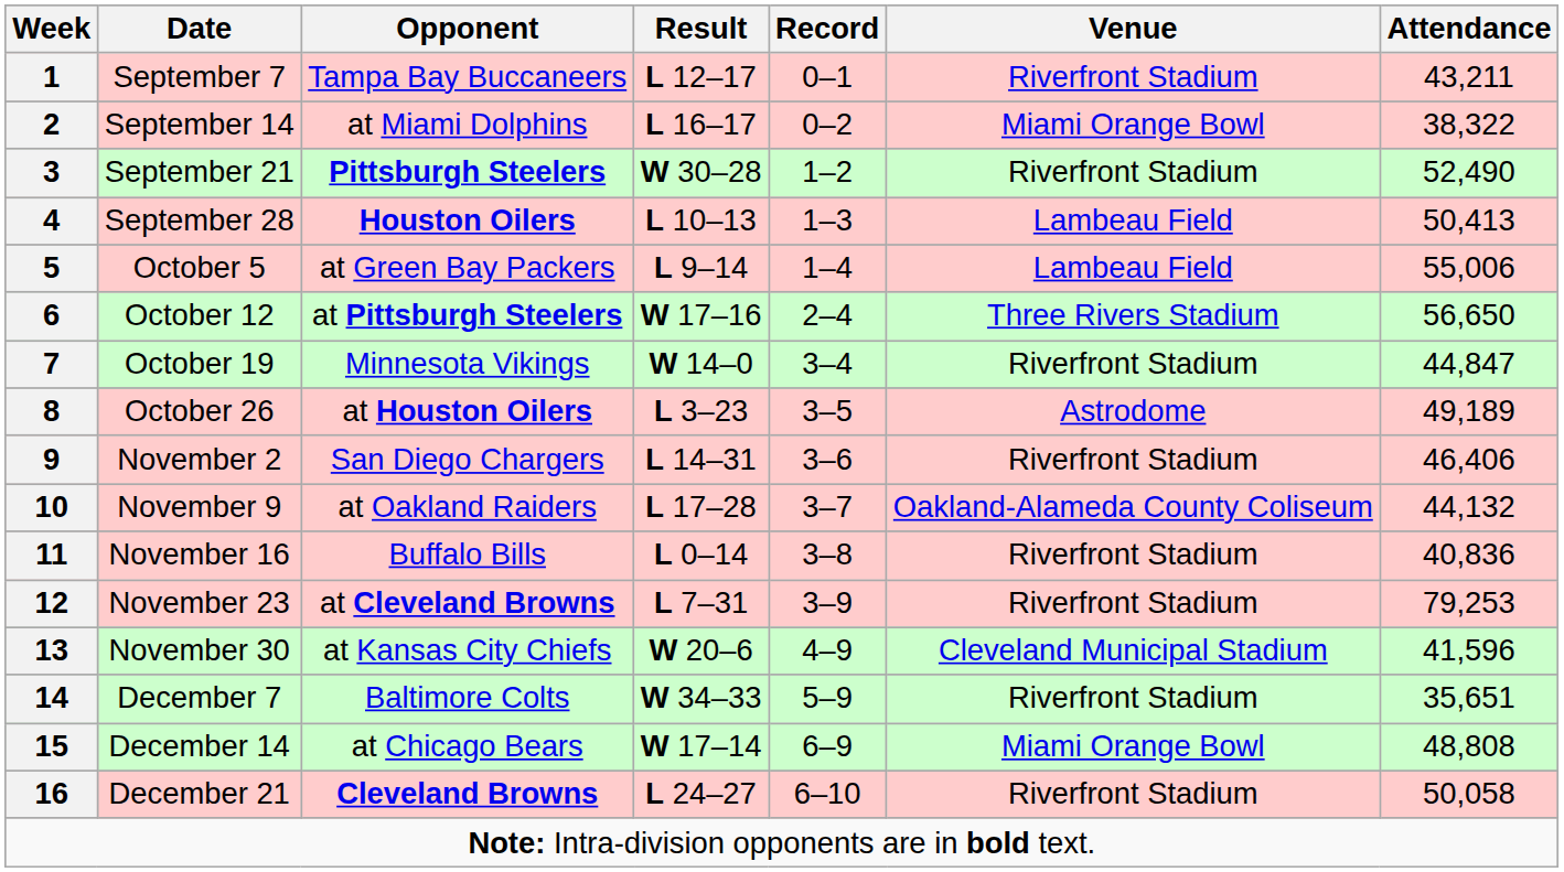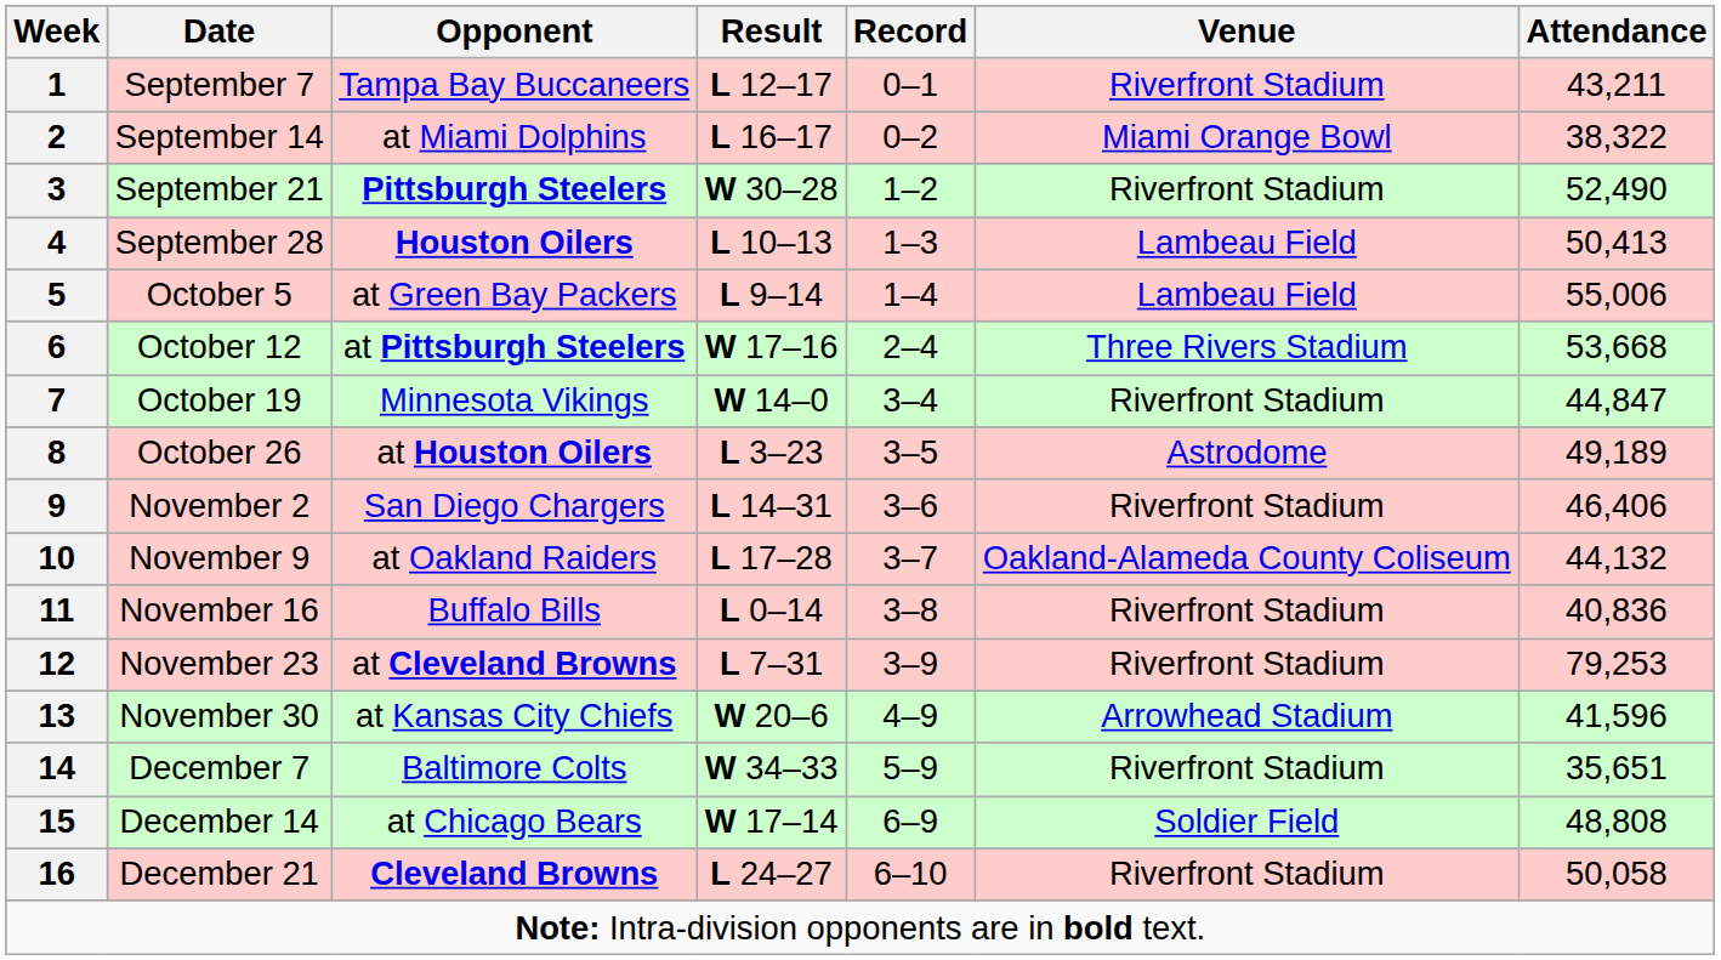 <table class="wikitable" style="text-align:center">
 <tr>
 <th>Week</th>
 <th>Date</th>
 <th>Opponent</th>
 <th>Result</th>
 <th>Record</th>
 <th>Venue</th>
 <th>Attendance</th>
 </tr>
 <tr style="background:#fcc">
 <th>1</th>
 <td>September 7</td>
 <td><a href='#'>Tampa Bay Buccaneers</a></td>
 <td><strong>L</strong> 12–17</td>
 <td>0–1</td>
 <td><a href='#'>Riverfront Stadium</a></td>
 <td>43,211</td>
 </tr>
 <tr style="background:#fcc">
 <th>2</th>
 <td>September 14</td>
 <td>at <a href='#'>Miami Dolphins</a></td>
 <td><strong>L</strong> 16–17</td>
 <td>0–2</td>
 <td><a href='#'>Miami Orange Bowl</a></td>
 <td>38,322</td>
 </tr>
 <tr style="background:#cfc">
 <th>3</th>
 <td>September 21</td>
 <td><strong><a href='#'>Pittsburgh Steelers</a></strong></td>
 <td><strong>W</strong> 30–28</td>
 <td>1–2</td>
 <td>Riverfront Stadium</td>
 <td>52,490</td>
 </tr>
 <tr style="background:#fcc">
 <th>4</th>
 <td>September 28</td>
 <td><strong><a href='#'>Houston Oilers</a></strong></td>
 <td><strong>L</strong> 10–13</td>
 <td>1–3</td>
 <td><a href='#'>Lambeau Field</a></td>
 <td>50,413</td>
 </tr>
 <tr style="background:#fcc">
 <th>5</th>
 <td>October 5</td>
 <td>at <a href='#'>Green Bay Packers</a></td>
 <td><strong>L</strong> 9–14</td>
 <td>1–4</td>
 <td><a href='#'>Lambeau Field</a></td>
 <td>55,006</td>
 </tr>
 <tr style="background:#cfc">
 <th>6</th>
 <td>October 12</td>
 <td>at <strong><a href='#'>Pittsburgh Steelers</a></strong></td>
 <td><strong>W</strong> 17–16</td>
 <td>2–4</td>
 <td><a href='#'>Three Rivers Stadium</a></td>
-<td>56,650</td>
+<td>53,668</td>
 </tr>
 <tr style="background:#cfc">
 <th>7</th>
 <td>October 19</td>
 <td><a href='#'>Minnesota Vikings</a></td>
 <td><strong>W</strong> 14–0</td>
 <td>3–4</td>
 <td>Riverfront Stadium</td>
 <td>44,847</td>
 </tr>
 <tr style="background:#fcc">
 <th>8</th>
 <td>October 26</td>
 <td>at <strong><a href='#'>Houston Oilers</a></strong></td>
 <td><strong>L</strong> 3–23</td>
 <td>3–5</td>
 <td><a href='#'>Astrodome</a></td>
 <td>49,189</td>
 </tr>
 <tr style="background:#fcc">
 <th>9</th>
 <td>November 2</td>
 <td><a href='#'>San Diego Chargers</a></td>
 <td><strong>L</strong> 14–31</td>
 <td>3–6</td>
 <td>Riverfront Stadium</td>
 <td>46,406</td>
 </tr>
 <tr style="background:#fcc">
 <th>10</th>
 <td>November 9</td>
 <td>at <a href='#'>Oakland Raiders</a></td>
 <td><strong>L</strong> 17–28</td>
 <td>3–7</td>
 <td><a href='#'>Oakland-Alameda County Coliseum</a></td>
 <td>44,132</td>
 </tr>
 <tr style="background:#fcc">
 <th>11</th>
 <td>November 16</td>
 <td><a href='#'>Buffalo Bills</a></td>
 <td><strong>L</strong> 0–14</td>
 <td>3–8</td>
 <td>Riverfront Stadium</td>
 <td>40,836</td>
 </tr>
 <tr style="background:#fcc">
 <th>12</th>
 <td>November 23</td>
 <td>at <strong><a href='#'>Cleveland Browns</a></strong></td>
 <td><strong>L</strong> 7–31</td>
 <td>3–9</td>
 <td>Riverfront Stadium</td>
 <td>79,253</td>
 </tr>
 <tr style="background:#cfc">
 <th>13</th>
 <td>November 30</td>
 <td>at <a href='#'>Kansas City Chiefs</a></td>
 <td><strong>W</strong> 20–6</td>
 <td>4–9</td>
-<td><a href='#'>Cleveland Municipal Stadium</a></td>
+<td><a href='#'>Arrowhead Stadium</a></td>
 <td>41,596</td>
 </tr>
 <tr style="background:#cfc">
 <th>14</th>
 <td>December 7</td>
 <td><a href='#'>Baltimore Colts</a></td>
 <td><strong>W</strong> 34–33</td>
 <td>5–9</td>
 <td>Riverfront Stadium</td>
 <td>35,651</td>
 </tr>
 <tr style="background:#cfc">
 <th>15</th>
 <td>December 14</td>
 <td>at <a href='#'>Chicago Bears</a></td>
 <td><strong>W</strong> 17–14</td>
 <td>6–9</td>
-<td><a href='#'>Miami Orange Bowl</a></td>
+<td><a href='#'>Soldier Field</a></td>
 <td>48,808</td>
 </tr>
 <tr style="background:#fcc">
 <th>16</th>
 <td>December 21</td>
 <td><strong><a href='#'>Cleveland Browns</a></strong></td>
 <td><strong>L</strong> 24–27</td>
 <td>6–10</td>
 <td>Riverfront Stadium</td>
 <td>50,058</td>
 </tr>
 <tr>
 <td colspan="8"><strong>Note:</strong> Intra-division opponents are in <strong>bold</strong> text.</td>
 </tr>
 </table>
